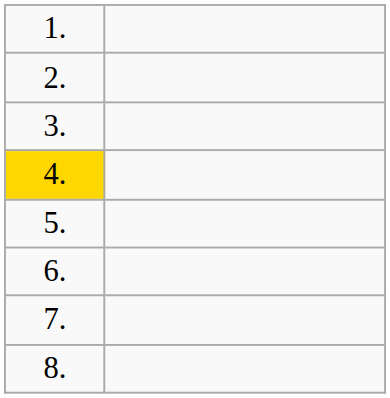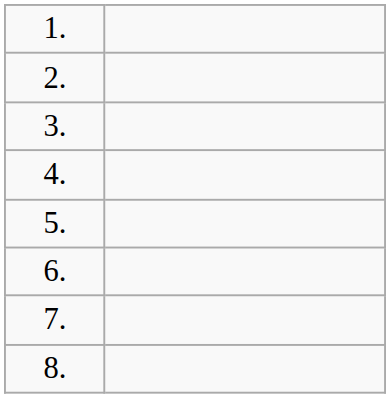 <table class="wikitable" style="text-align:center; width:200px;">
 <tr>
 <td style="width:45px;">1.</td>
 <td style="padding-left:4px; text-align:left;"></td>
 </tr>
 <tr>
 <td>2.</td>
 <td style="padding-left:4px; text-align:left;"></td>
 </tr>
 <tr>
 <td>3.</td>
 <td style="padding-left:4px; text-align:left;"></td>
 </tr>
 <tr>
-<td style="background: gold;">4.</td>
+<td>4.</td>
 <td style="padding-left:4px; text-align:left;"></td>
 </tr>
 <tr>
 <td>5.</td>
 <td style="padding-left:4px; text-align:left;"></td>
 </tr>
 <tr>
 <td>6.</td>
 <td style="padding-left:4px; text-align:left;"></td>
 </tr>
 <tr>
 <td>7.</td>
 <td style="padding-left:4px; text-align:left;"></td>
 </tr>
 <tr>
 <td>8.</td>
 <td style="padding-left:4px; text-align:left;"></td>
 </tr>
 </table>
